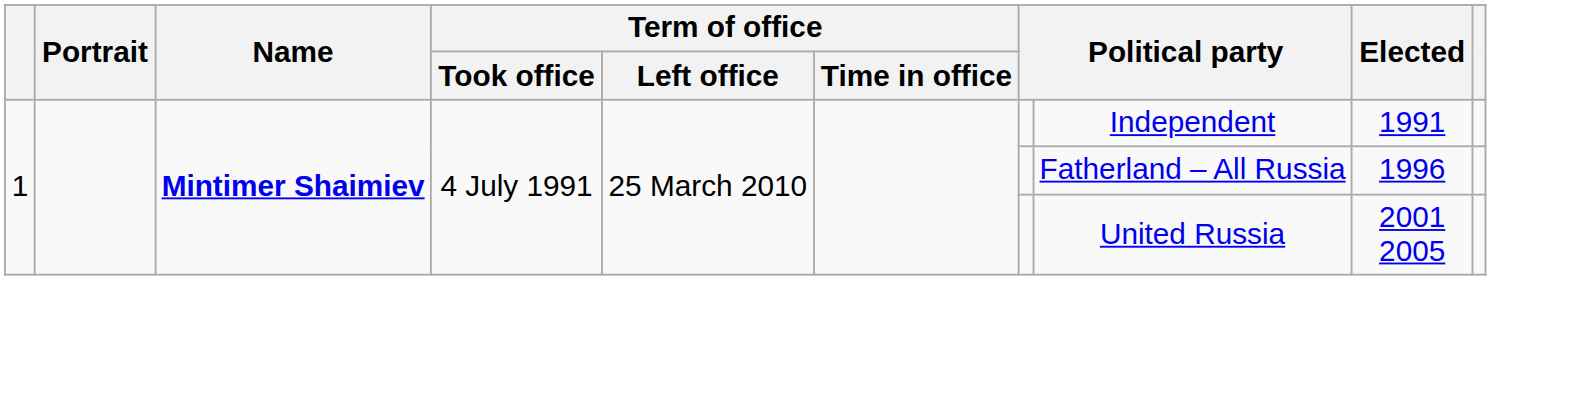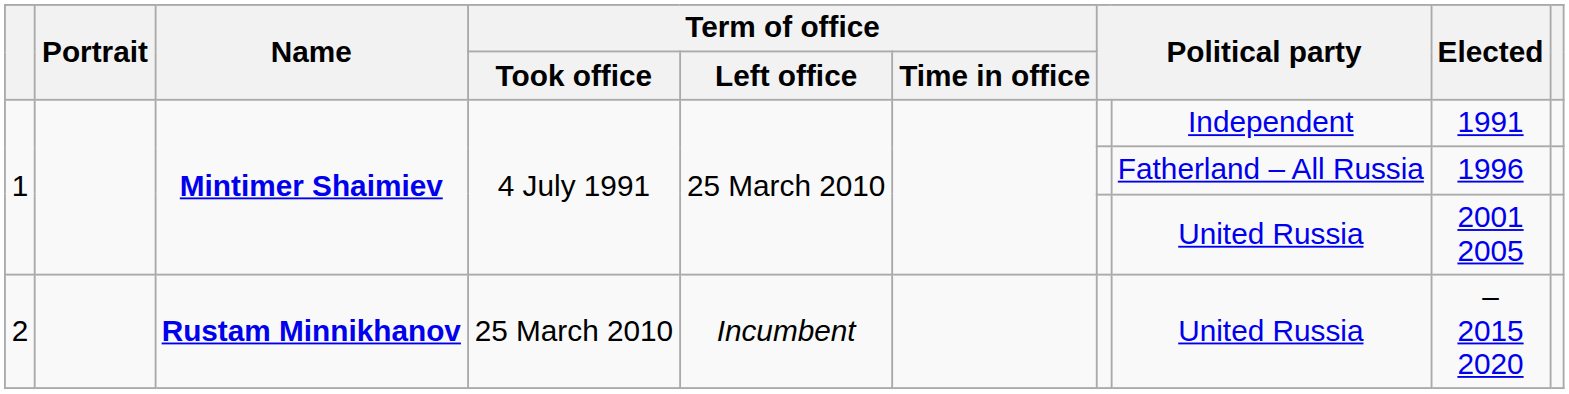 <table class="wikitable" style="text-align:center">
 <tr>
 <th rowspan=2></th>
 <th rowspan=2>Portrait</th>
 <th rowspan=2>Name<br></th>
 <th colspan=3>Term of office</th>
 <th colspan=2 rowspan=2>Political party</th>
 <th rowspan=2>Elected</th>
 <th rowspan=2></th>
 </tr>
 <tr>
 <th>Took office</th>
 <th>Left office</th>
 <th>Time in office</th>
 </tr>
 <tr>
 <td rowspan=3>1</td>
 <td rowspan=3></td>
 <td rowspan=3><strong><a href='#'>Mintimer Shaimiev</a></strong><br></td>
 <td rowspan=3>4 July 1991</td>
 <td rowspan=3>25 March 2010</td>
 <td rowspan=3></td>
 <td style="background: "></td>
 <td><a href='#'>Independent</a></td>
 <td><a href='#'>1991</a></td>
 <td></td>
 </tr>
 <tr>
 <td style="background: "></td>
 <td><a href='#'>Fatherland – All Russia</a></td>
 <td><a href='#'>1996</a></td>
 <td></td>
 </tr>
 <tr>
 <td style="background: "></td>
 <td><a href='#'>United Russia</a></td>
 <td><a href='#'>2001</a><br><a href='#'>2005</a></td>
 <td></td>
 </tr>
+<tr>
+<td>2</td>
+<td></td>
+<td><strong><a href='#'>Rustam Minnikhanov</a></strong><br></td>
+<td>25 March 2010</td>
+<td><em>Incumbent</em></td>
+<td></td>
+<td style="background: "></td>
+<td><a href='#'>United Russia</a></td>
+<td>–<br><a href='#'>2015</a><br><a href='#'>2020</a></td>
+<td></td>
+</tr>
 </table>
